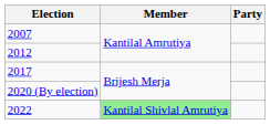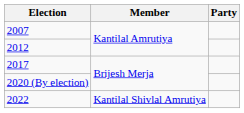 <table class="wikitable sortable">
 <tr>
 <th>Election</th>
 <th>Member</th>
 <th colspan="2">Party</th>
 </tr>
 <tr>
 <td><a href='#'>2007</a></td>
 <td rowspan=2><a href='#'>Kantilal Amrutiya</a></td>
 <td></td>
 </tr>
 <tr>
 <td><a href='#'>2012</a></td>
 </tr>
 <tr>
 <td><a href='#'>2017</a></td>
 <td rowspan=2><a href='#'>Brijesh Merja</a></td>
 <td></td>
 </tr>
 <tr>
 <td><a href='#'>2020 (By election)</a></td>
 <td></td>
 </tr>
 <tr>
 <td><a href='#'>2022</a></td>
-<td style="background: lightgreen;"><a href='#'>Kantilal Shivlal Amrutiya</a></td>
+<td><a href='#'>Kantilal Shivlal Amrutiya</a></td>
 </tr>
 </table>
